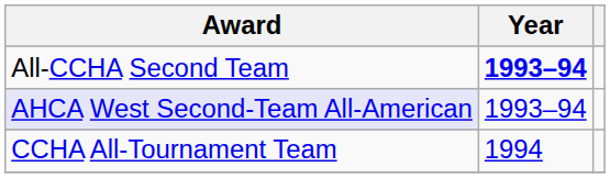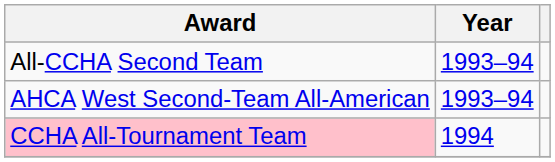 <table class="wikitable">
 <tr>
 <th>Award</th>
 <th>Year</th>
 <th></th>
 </tr>
 <tr>
 <td>All-<a href='#'>CCHA</a> <a href='#'>Second Team</a></td>
-<td><strong><a href='#'>1993–94</a></strong></td>
-<td></td>
-</tr>
-<tr>
-<td style="background: lavender;"><a href='#'>AHCA</a> <a href='#'>West Second-Team All-American</a></td>
 <td><a href='#'>1993–94</a></td>
 <td></td>
 </tr>
 <tr>
-<td><a href='#'>CCHA</a> <a href='#'>All-Tournament Team</a></td>
+<td><a href='#'>AHCA</a> <a href='#'>West Second-Team All-American</a></td>
+<td><a href='#'>1993–94</a></td>
+<td></td>
+</tr>
+<tr>
+<td style="background: pink;"><a href='#'>CCHA</a> <a href='#'>All-Tournament Team</a></td>
 <td><a href='#'>1994</a></td>
 <td></td>
 </tr>
 <tr>
 </tr>
 </table>
